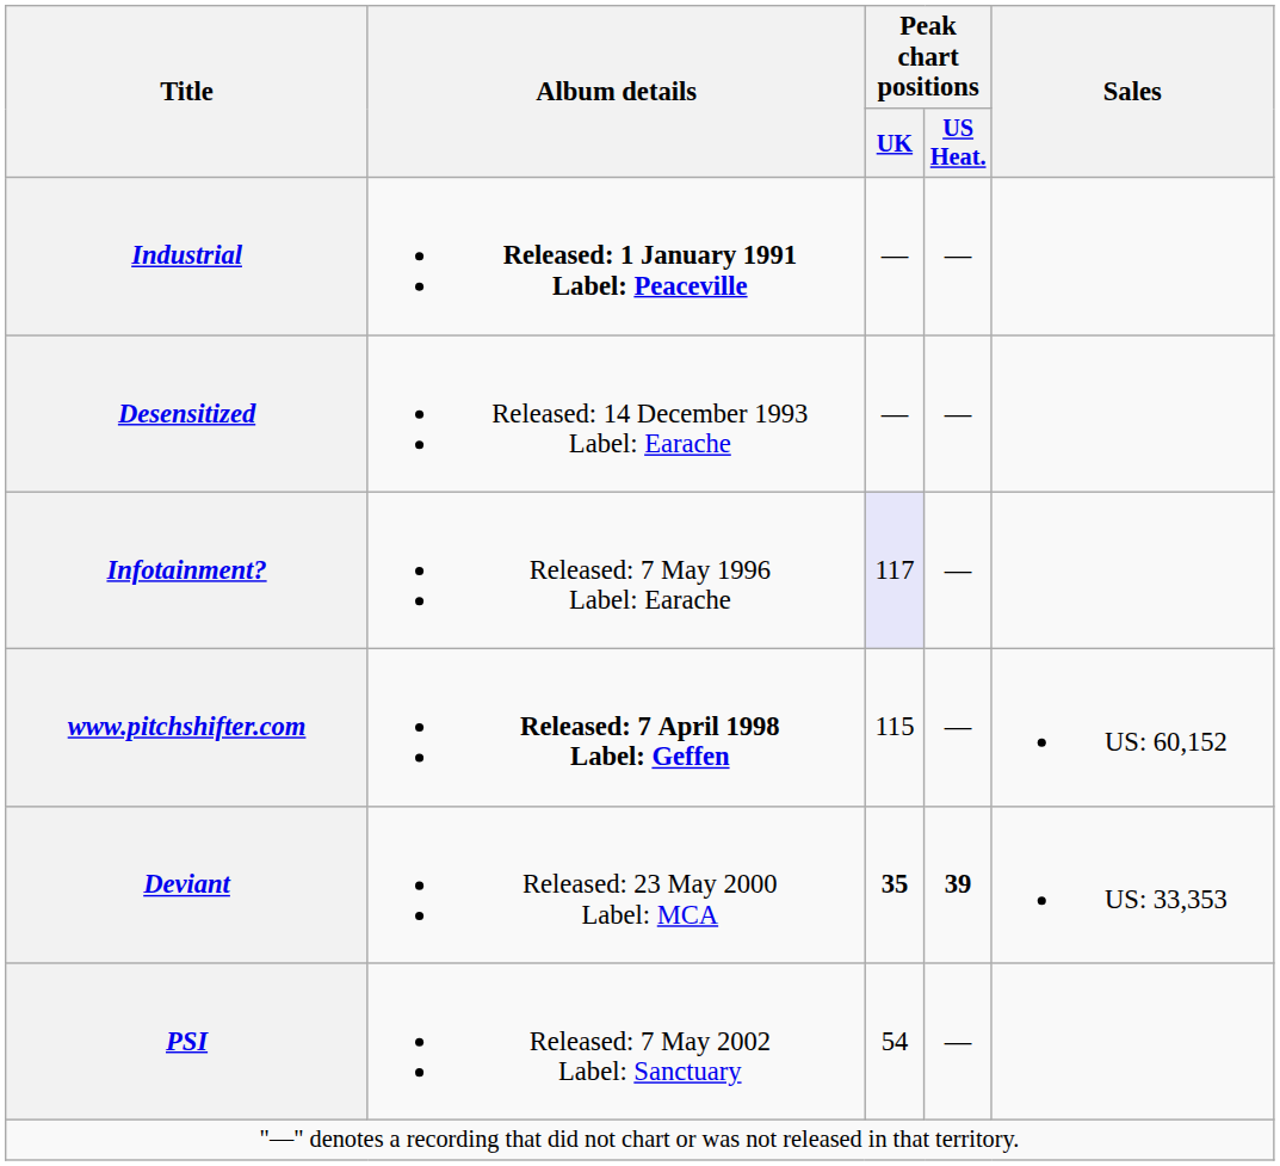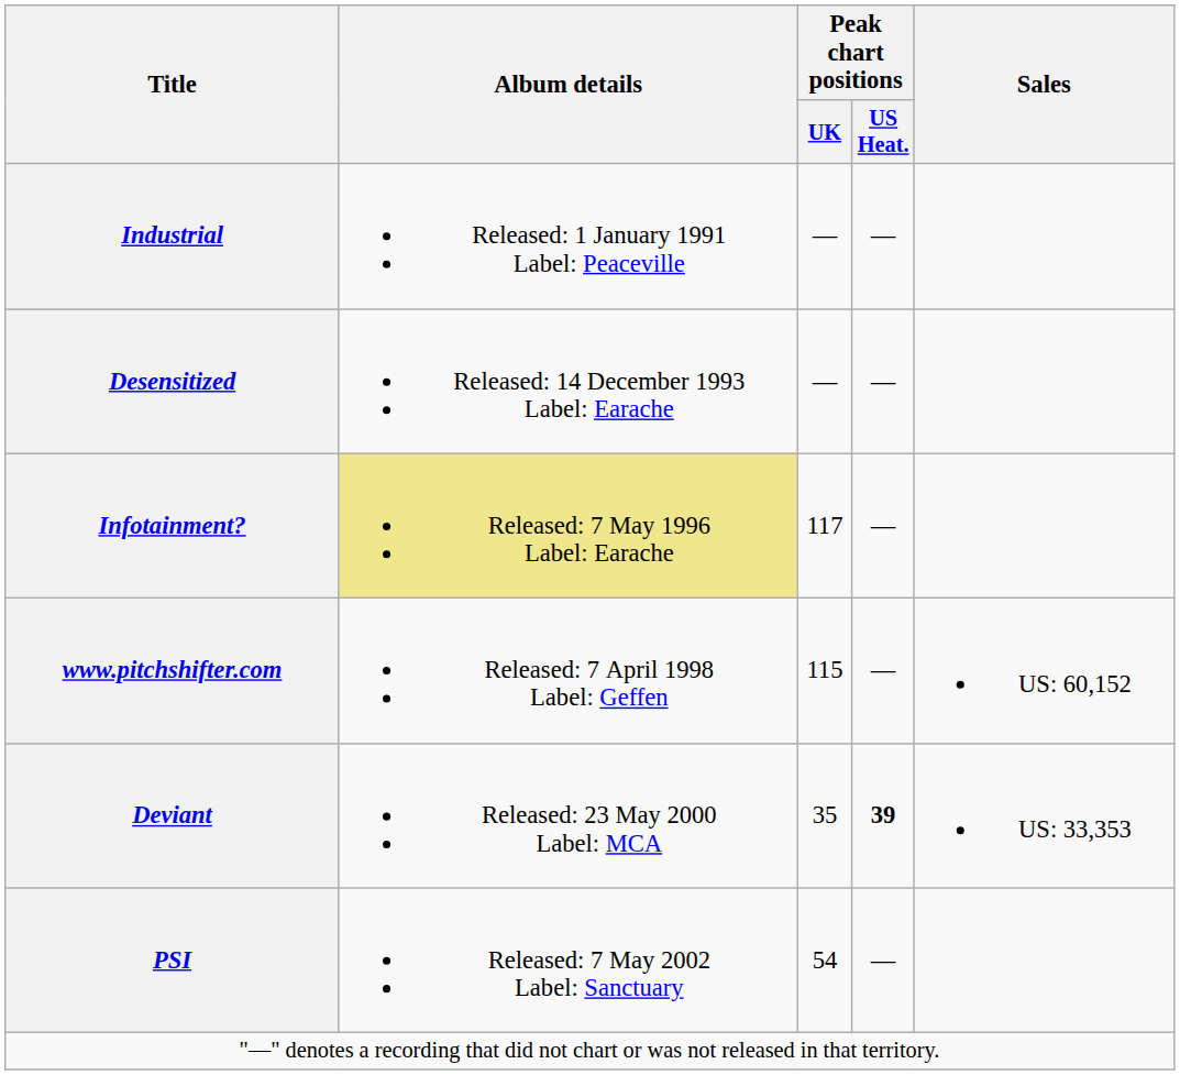 <table class="wikitable plainrowheaders" style="text-align:center;" border="1">
 <tr>
 <th scope="col" rowspan="2" style="width:13em;">Title</th>
 <th scope="col" rowspan="2" style="width:18em;">Album details</th>
 <th colspan="2" scope="col">Peak chart positions</th>
 <th scope="col" rowspan="2" style="width:10em;">Sales</th>
 </tr>
 <tr>
 <th scope="col" style="width:2em;font-size:90%;"><a href='#'>UK</a><br></th>
 <th scope="col" style="width:2em;font-size:90%;"><a href='#'>US<br>Heat.</a><br></th>
 </tr>
 <tr>
 <th scope="row"><em><a href='#'>Industrial</a></em></th>
-<td><strong><br><ul><li>Released: 1 January 1991</li><li>Label: <a href='#'>Peaceville</a></li></ul></strong></td>
+<td><br><ul><li>Released: 1 January 1991</li><li>Label: <a href='#'>Peaceville</a></li></ul></td>
 <td>—</td>
 <td>—</td>
 <td></td>
 </tr>
 <tr>
 <th scope="row"><em><a href='#'>Desensitized</a></em></th>
 <td><br><ul><li>Released: 14 December 1993</li><li>Label: <a href='#'>Earache</a></li></ul></td>
 <td>—</td>
 <td>—</td>
 <td></td>
 </tr>
 <tr>
 <th scope="row"><em><a href='#'>Infotainment?</a></em></th>
-<td><br><ul><li>Released: 7 May 1996</li><li>Label: Earache</li></ul></td>
-<td style="background: lavender;">117</td>
+<td style="background: khaki;"><br><ul><li>Released: 7 May 1996</li><li>Label: Earache</li></ul></td>
+<td>117</td>
 <td>—</td>
 <td></td>
 </tr>
 <tr>
 <th scope="row"><em><a href='#'>www.pitchshifter.com</a></em></th>
-<td><strong><br><ul><li>Released: 7 April 1998</li><li>Label: <a href='#'>Geffen</a></li></ul></strong></td>
+<td><br><ul><li>Released: 7 April 1998</li><li>Label: <a href='#'>Geffen</a></li></ul></td>
 <td>115</td>
 <td>—</td>
 <td><br><ul><li>US: 60,152</li></ul></td>
 </tr>
 <tr>
 <th scope="row"><em><a href='#'>Deviant</a></em></th>
 <td><br><ul><li>Released: 23 May 2000</li><li>Label: <a href='#'>MCA</a></li></ul></td>
-<td><strong>35</strong></td>
+<td>35</td>
 <td><strong>39</strong></td>
 <td><br><ul><li>US: 33,353</li></ul></td>
 </tr>
 <tr>
 <th scope="row"><em><a href='#'>PSI</a></em></th>
 <td><br><ul><li>Released: 7 May 2002</li><li>Label: <a href='#'>Sanctuary</a></li></ul></td>
 <td>54</td>
 <td>—</td>
 <td></td>
 </tr>
 <tr>
 <td colspan="5" style="font-size:90%">"—" denotes a recording that did not chart or was not released in that territory.</td>
 </tr>
 </table>
